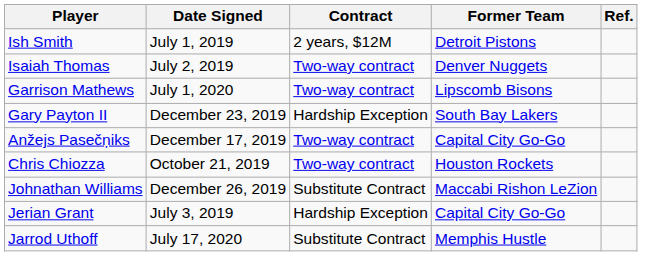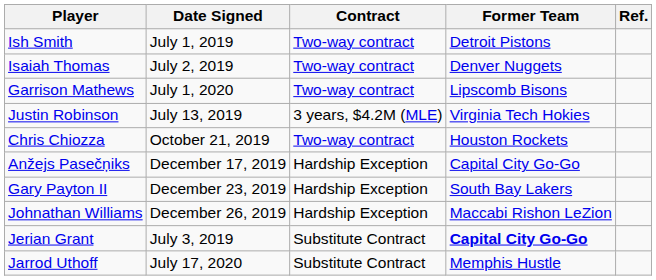 <table class="wikitable sortable sortable">
 <tr>
 <th>Player</th>
 <th>Date Signed</th>
 <th>Contract</th>
 <th>Former Team</th>
 <th>Ref.</th>
 </tr>
 <tr>
 <td><a href='#'>Ish Smith</a></td>
 <td>July 1, 2019</td>
-<td>2 years, $12M</td>
+<td><a href='#'>Two-way contract</a></td>
 <td><a href='#'>Detroit Pistons</a></td>
 <td></td>
 </tr>
 <tr>
 <td><a href='#'>Isaiah Thomas</a></td>
 <td>July 2, 2019</td>
 <td><a href='#'>Two-way contract</a></td>
 <td><a href='#'>Denver Nuggets</a></td>
 <td></td>
 </tr>
 <tr>
 <td><a href='#'>Garrison Mathews</a></td>
 <td>July 1, 2020</td>
 <td><a href='#'>Two-way contract</a></td>
 <td><a href='#'>Lipscomb Bisons</a></td>
 <td></td>
 </tr>
 <tr>
-<td><a href='#'>Gary Payton II</a></td>
-<td>December 23, 2019</td>
-<td>Hardship Exception</td>
-<td><a href='#'>South Bay Lakers</a></td>
-<td></td>
-</tr>
-<tr>
-<td><a href='#'>Anžejs Pasečņiks</a></td>
-<td>December 17, 2019</td>
-<td><a href='#'>Two-way contract</a></td>
-<td><a href='#'>Capital City Go-Go</a></td>
+<td><a href='#'>Justin Robinson</a></td>
+<td>July 13, 2019</td>
+<td>3 years, $4.2M (<a href='#'>MLE</a>)</td>
+<td><a href='#'>Virginia Tech Hokies</a></td>
 <td></td>
 </tr>
 <tr>
 <td><a href='#'>Chris Chiozza</a></td>
 <td>October 21, 2019</td>
 <td><a href='#'>Two-way contract</a></td>
 <td><a href='#'>Houston Rockets</a></td>
 <td></td>
 </tr>
 <tr>
+<td><a href='#'>Anžejs Pasečņiks</a></td>
+<td>December 17, 2019</td>
+<td>Hardship Exception</td>
+<td><a href='#'>Capital City Go-Go</a></td>
+<td></td>
+</tr>
+<tr>
+<td><a href='#'>Gary Payton II</a></td>
+<td>December 23, 2019</td>
+<td>Hardship Exception</td>
+<td><a href='#'>South Bay Lakers</a></td>
+<td></td>
+</tr>
+<tr>
 <td><a href='#'>Johnathan Williams</a></td>
 <td>December 26, 2019</td>
-<td>Substitute Contract</td>
+<td>Hardship Exception</td>
 <td> <a href='#'>Maccabi Rishon LeZion</a></td>
 <td></td>
 </tr>
 <tr>
 <td><a href='#'>Jerian Grant</a></td>
 <td>July 3, 2019</td>
-<td>Hardship Exception</td>
-<td><a href='#'>Capital City Go-Go</a></td>
+<td>Substitute Contract</td>
+<td><strong><a href='#'>Capital City Go-Go</a></strong></td>
 <td></td>
 </tr>
 <tr>
 <td><a href='#'>Jarrod Uthoff</a></td>
 <td>July 17, 2020</td>
 <td>Substitute Contract</td>
 <td><a href='#'>Memphis Hustle</a></td>
 <td></td>
 </tr>
 </table>
